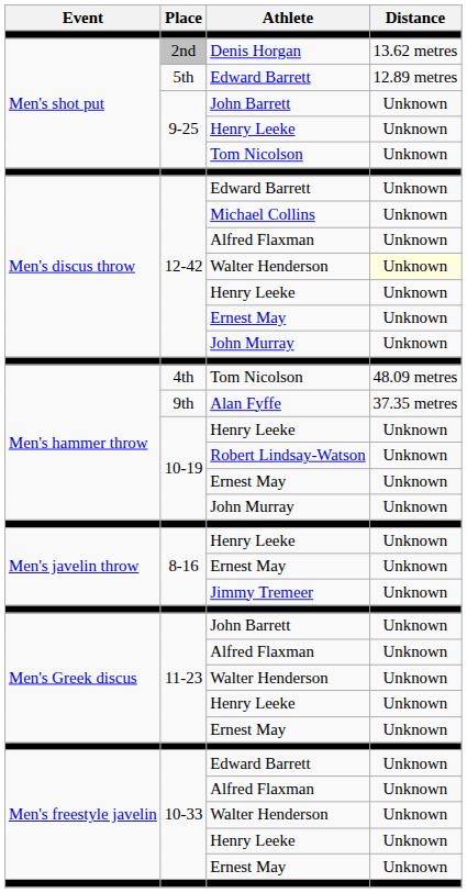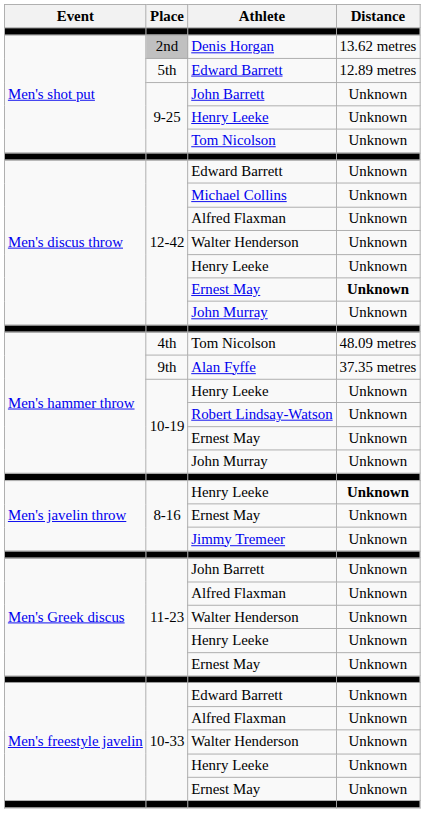 <table class=wikitable>
 <tr>
 <th>Event</th>
 <th>Place</th>
 <th>Athlete</th>
 <th>Distance</th>
 </tr>
 <tr bgcolor=black>
 <td></td>
 <td></td>
 <td></td>
 <td></td>
 </tr>
 <tr align=center>
 <td rowspan=5 align=left><a href='#'>Men's shot put</a></td>
 <td bgcolor=silver>2nd</td>
 <td align=left><a href='#'>Denis Horgan</a></td>
 <td>13.62 metres</td>
 </tr>
 <tr align=center>
 <td>5th</td>
 <td align=left><a href='#'>Edward Barrett</a></td>
 <td>12.89 metres</td>
 </tr>
 <tr align=center>
 <td rowspan=3>9-25</td>
 <td align=left><a href='#'>John Barrett</a></td>
 <td>Unknown</td>
 </tr>
 <tr align=center>
 <td align=left><a href='#'>Henry Leeke</a></td>
 <td>Unknown</td>
 </tr>
 <tr align=center>
 <td align=left><a href='#'>Tom Nicolson</a></td>
 <td>Unknown</td>
 </tr>
 <tr bgcolor=black>
 <td></td>
 <td></td>
 <td></td>
 <td></td>
 </tr>
 <tr align=center>
 <td rowspan=7 align=left><a href='#'>Men's discus throw</a></td>
 <td rowspan=7>12-42</td>
 <td align=left>Edward Barrett</td>
 <td>Unknown</td>
 </tr>
 <tr align=center>
 <td align=left><a href='#'>Michael Collins</a></td>
 <td>Unknown</td>
 </tr>
 <tr align=center>
 <td align=left>Alfred Flaxman</td>
 <td>Unknown</td>
 </tr>
 <tr align=center>
 <td align=left>Walter Henderson</td>
-<td style="background: lightyellow;">Unknown</td>
+<td>Unknown</td>
 </tr>
 <tr align=center>
 <td align=left>Henry Leeke</td>
 <td>Unknown</td>
 </tr>
 <tr align=center>
 <td align=left><a href='#'>Ernest May</a></td>
-<td>Unknown</td>
+<td><strong>Unknown</strong></td>
 </tr>
 <tr align=center>
 <td align=left><a href='#'>John Murray</a></td>
 <td>Unknown</td>
 </tr>
 <tr bgcolor=black>
 <td></td>
 <td></td>
 <td></td>
 <td></td>
 </tr>
 <tr align=center>
 <td rowspan=6 align=left><a href='#'>Men's hammer throw</a></td>
 <td>4th</td>
 <td align=left>Tom Nicolson</td>
 <td>48.09 metres</td>
 </tr>
 <tr align=center>
 <td>9th</td>
 <td align=left><a href='#'>Alan Fyffe</a></td>
 <td>37.35 metres</td>
 </tr>
 <tr align=center>
 <td rowspan=4>10-19</td>
 <td align=left>Henry Leeke</td>
 <td>Unknown</td>
 </tr>
 <tr align=center>
 <td align=left><a href='#'>Robert Lindsay-Watson</a></td>
 <td>Unknown</td>
 </tr>
 <tr align=center>
 <td align=left>Ernest May</td>
 <td>Unknown</td>
 </tr>
 <tr align=center>
 <td align=left>John Murray</td>
 <td>Unknown</td>
 </tr>
 <tr bgcolor=black>
 <td></td>
 <td></td>
 <td></td>
 <td></td>
 </tr>
 <tr align=center>
 <td rowspan=3 align=left><a href='#'>Men's javelin throw</a></td>
 <td rowspan=3>8-16</td>
 <td align=left>Henry Leeke</td>
-<td>Unknown</td>
+<td><strong>Unknown</strong></td>
 </tr>
 <tr align=center>
 <td align=left>Ernest May</td>
 <td>Unknown</td>
 </tr>
 <tr align=center>
 <td align=left><a href='#'>Jimmy Tremeer</a></td>
 <td>Unknown</td>
 </tr>
 <tr bgcolor=black>
 <td></td>
 <td></td>
 <td></td>
 <td></td>
 </tr>
 <tr align=center>
 <td rowspan=5 align=left><a href='#'>Men's Greek discus</a></td>
 <td rowspan=5>11-23</td>
 <td align=left>John Barrett</td>
 <td>Unknown</td>
 </tr>
 <tr align=center>
 <td align=left>Alfred Flaxman</td>
 <td>Unknown</td>
 </tr>
 <tr align=center>
 <td align=left>Walter Henderson</td>
 <td>Unknown</td>
 </tr>
 <tr align=center>
 <td align=left>Henry Leeke</td>
 <td>Unknown</td>
 </tr>
 <tr align=center>
 <td align=left>Ernest May</td>
 <td>Unknown</td>
 </tr>
 <tr bgcolor=black>
 <td></td>
 <td></td>
 <td></td>
 <td></td>
 </tr>
 <tr align=center>
 <td rowspan=5 align=left><a href='#'>Men's freestyle javelin</a></td>
 <td rowspan=5>10-33</td>
 <td align=left>Edward Barrett</td>
 <td>Unknown</td>
 </tr>
 <tr align=center>
 <td align=left>Alfred Flaxman</td>
 <td>Unknown</td>
 </tr>
 <tr align=center>
 <td align=left>Walter Henderson</td>
 <td>Unknown</td>
 </tr>
 <tr align=center>
 <td align=left>Henry Leeke</td>
 <td>Unknown</td>
 </tr>
 <tr align=center>
 <td align=left>Ernest May</td>
 <td>Unknown</td>
 </tr>
 <tr bgcolor=black>
 <td></td>
 <td></td>
 <td></td>
 <td></td>
 </tr>
 </table>
